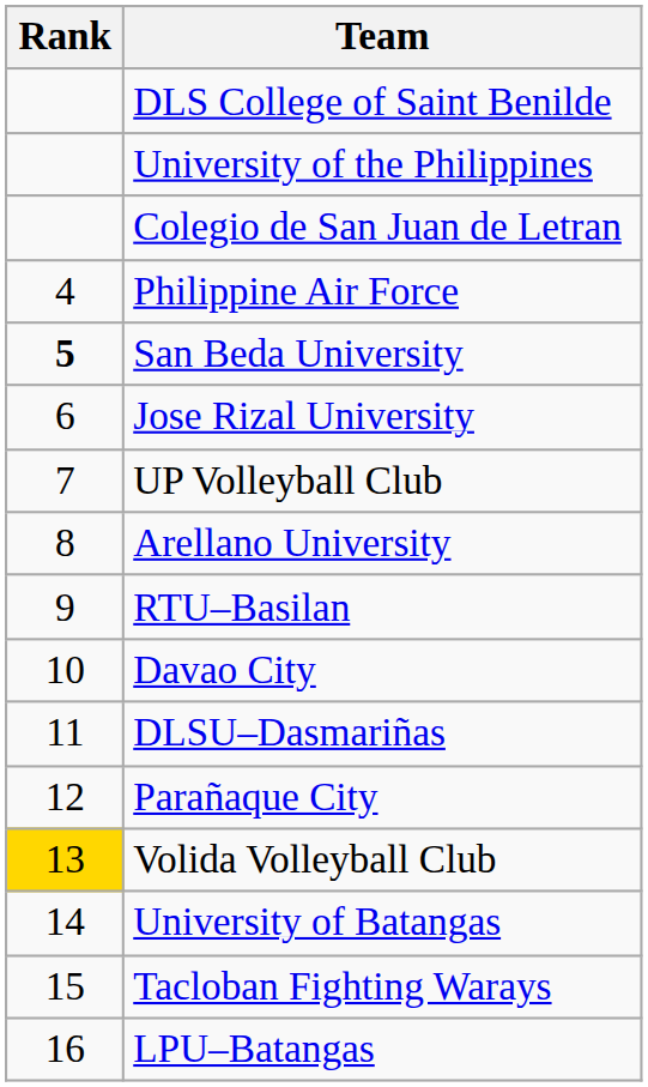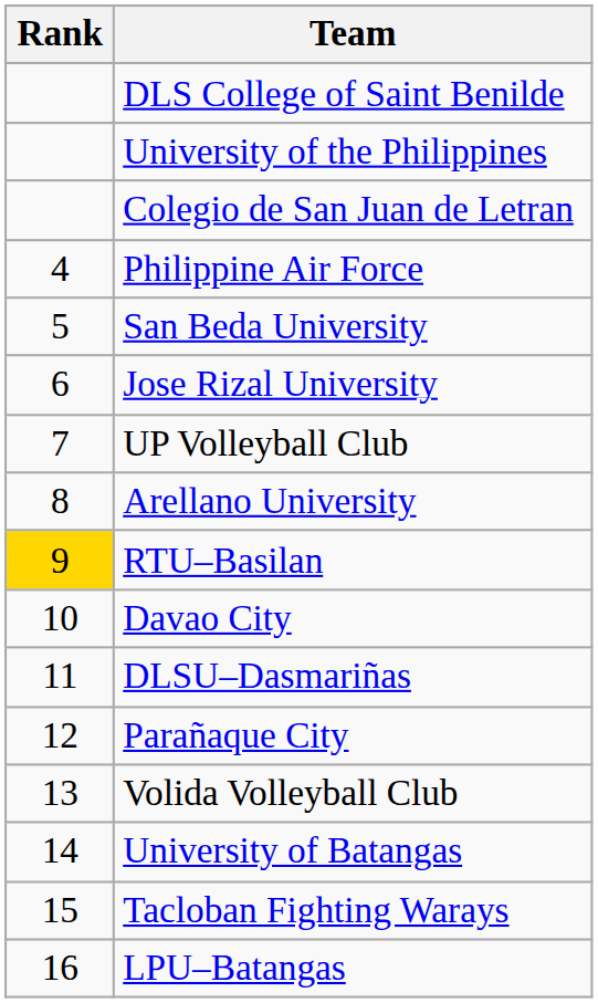 <table class="wikitable" style="text-align:center;">
 <tr>
 <th width=40>Rank</th>
 <th width=200>Team</th>
 </tr>
 <tr>
 <td></td>
 <td style="text-align:left;"><a href='#'>DLS College of Saint Benilde</a></td>
 </tr>
 <tr>
 <td></td>
 <td style="text-align:left;"><a href='#'>University of the Philippines</a></td>
 </tr>
 <tr>
 <td></td>
 <td style="text-align:left;"><a href='#'>Colegio de San Juan de Letran</a></td>
 </tr>
 <tr>
 <td>4</td>
 <td style="text-align:left;"><a href='#'>Philippine Air Force</a></td>
 </tr>
 <tr>
-<td><strong>5</strong></td>
+<td>5</td>
 <td style="text-align:left;"><a href='#'>San Beda University</a></td>
 </tr>
 <tr>
 <td>6</td>
 <td style="text-align:left;"><a href='#'>Jose Rizal University</a></td>
 </tr>
 <tr>
 <td>7</td>
 <td style="text-align:left;">UP Volleyball Club</td>
 </tr>
 <tr>
 <td>8</td>
 <td style="text-align:left;"><a href='#'>Arellano University</a></td>
 </tr>
 <tr>
-<td>9</td>
+<td style="background: gold;">9</td>
 <td style="text-align:left;"><a href='#'>RTU–Basilan</a></td>
 </tr>
 <tr>
 <td>10</td>
 <td style="text-align:left;"><a href='#'>Davao City</a></td>
 </tr>
 <tr>
 <td>11</td>
 <td style="text-align:left;"><a href='#'>DLSU–Dasmariñas</a></td>
 </tr>
 <tr>
 <td>12</td>
 <td style="text-align:left;"><a href='#'>Parañaque City</a></td>
 </tr>
 <tr>
-<td style="background: gold;">13</td>
+<td>13</td>
 <td style="text-align:left;">Volida Volleyball Club</td>
 </tr>
 <tr>
 <td>14</td>
 <td style="text-align:left;"><a href='#'>University of Batangas</a></td>
 </tr>
 <tr>
 <td>15</td>
 <td style="text-align:left;"><a href='#'>Tacloban Fighting Warays</a></td>
 </tr>
 <tr>
 <td>16</td>
 <td style="text-align:left;"><a href='#'>LPU–Batangas</a></td>
 </tr>
 </table>
